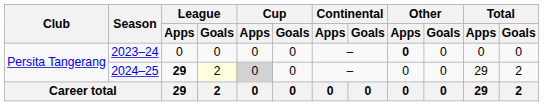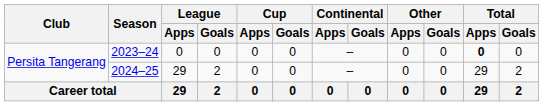 <table class="wikitable" style="text-align: center">
 <tr>
 <th rowspan="2">Club</th>
 <th rowspan="2">Season</th>
 <th colspan="2">League</th>
 <th colspan="2">Cup</th>
 <th colspan="2">Continental</th>
 <th colspan="2">Other</th>
 <th colspan="3">Total</th>
 </tr>
 <tr>
 <th>Apps</th>
 <th>Goals</th>
 <th>Apps</th>
 <th>Goals</th>
 <th>Apps</th>
 <th>Goals</th>
 <th>Apps</th>
 <th>Goals</th>
 <th>Apps</th>
 <th>Goals</th>
 </tr>
 <tr>
 <td rowspan="2"><a href='#'>Persita Tangerang</a></td>
 <td><a href='#'>2023–24</a></td>
 <td>0</td>
 <td>0</td>
 <td>0</td>
 <td>0</td>
 <td colspan="2">–</td>
-<td><strong>0</strong></td>
 <td>0</td>
 <td>0</td>
+<td><strong>0</strong></td>
 <td>0</td>
 </tr>
 <tr>
 <td><a href='#'>2024–25</a></td>
-<td><strong>29</strong></td>
-<td style="background: lightyellow;">2</td>
-<td style="background: lightgrey;">0</td>
+<td>29</td>
+<td>2</td>
+<td>0</td>
 <td>0</td>
 <td colspan="2">–</td>
 <td>0</td>
 <td>0</td>
 <td>29</td>
 <td>2</td>
 </tr>
 <tr>
 <th colspan=2>Career total</th>
 <th>29</th>
 <th>2</th>
 <th>0</th>
 <th>0</th>
 <th>0</th>
 <th>0</th>
 <th>0</th>
 <th>0</th>
 <th>29</th>
 <th>2</th>
 </tr>
 </table>
